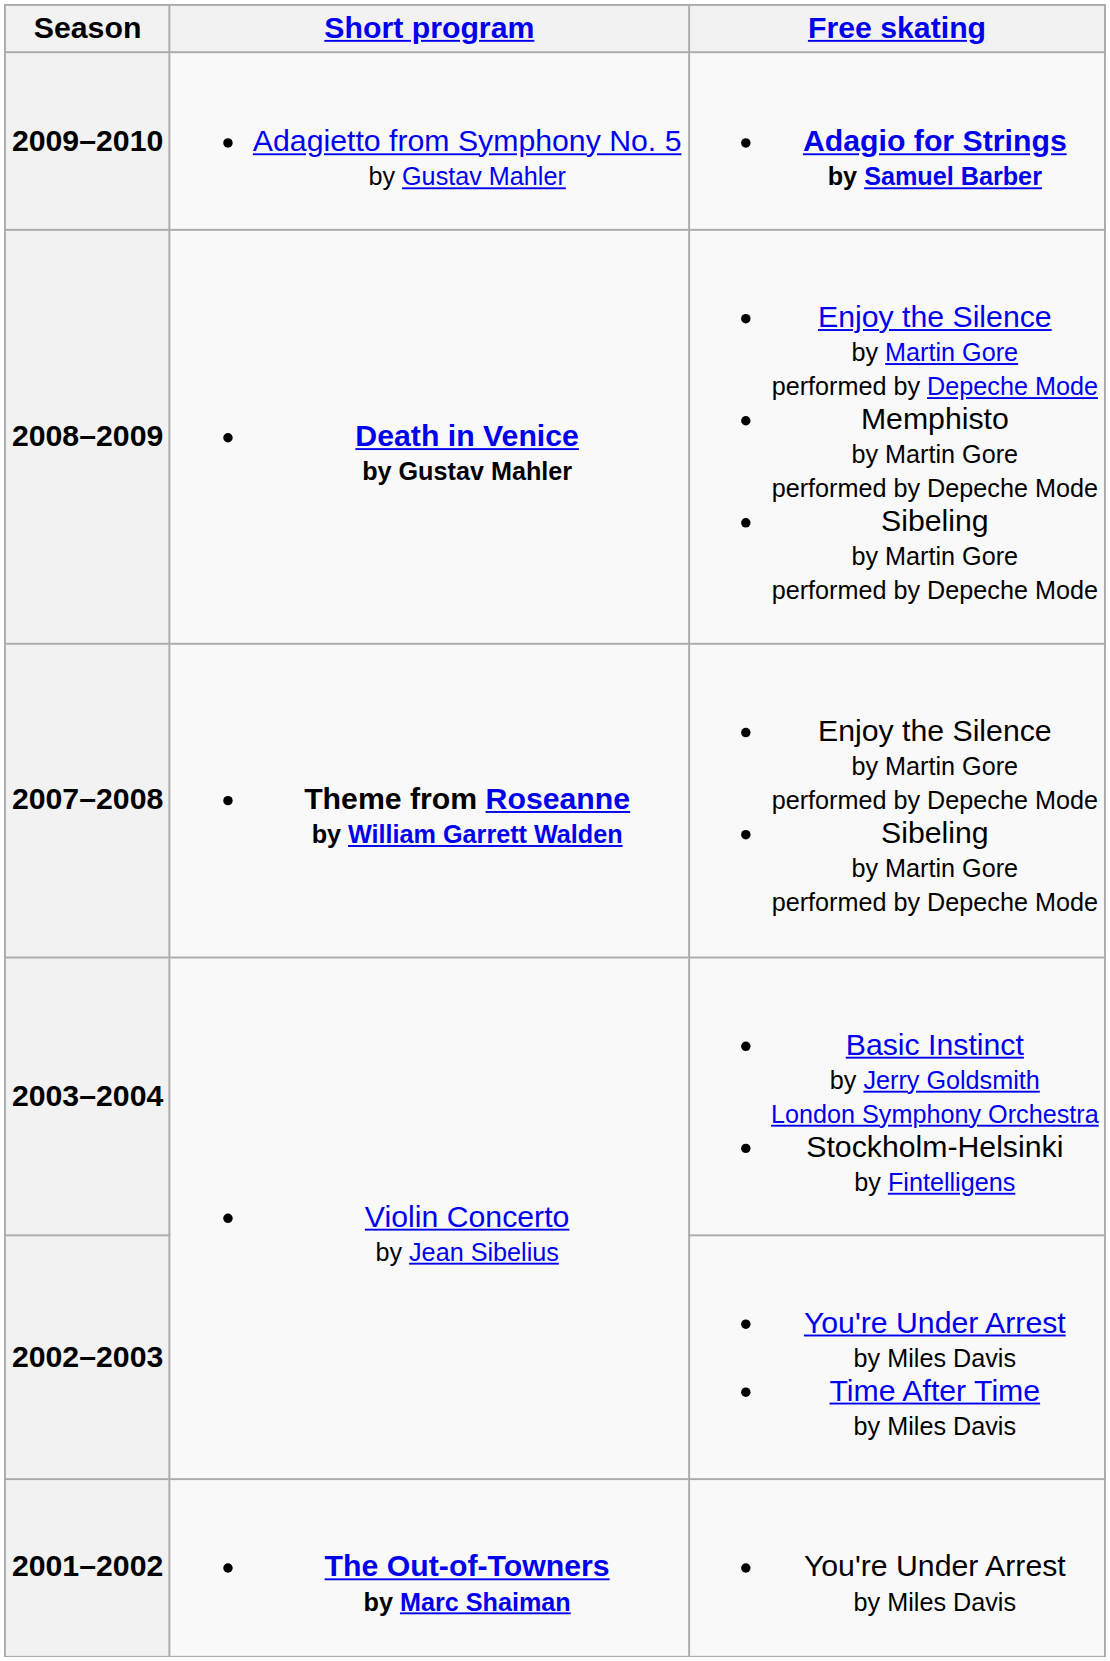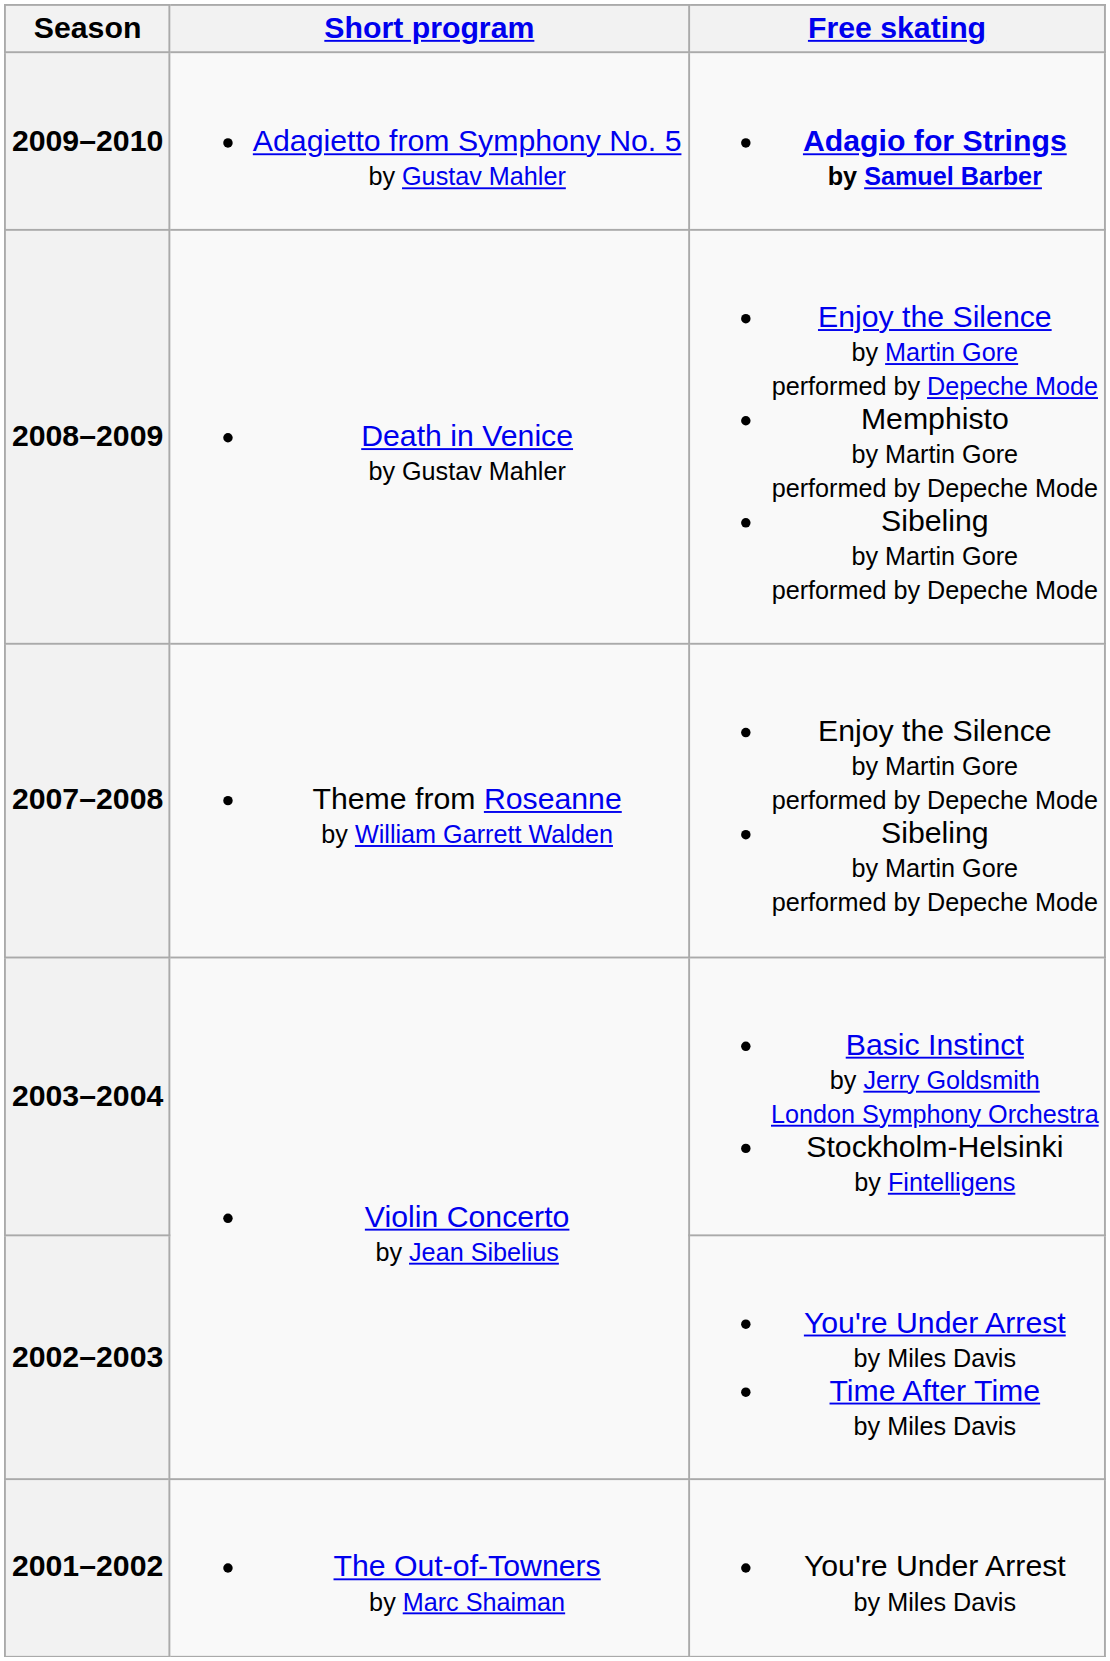 <table class=wikitable style=text-align:center>
 <tr>
 <th>Season</th>
 <th><a href='#'>Short program</a></th>
 <th><a href='#'>Free skating</a></th>
 </tr>
 <tr>
 <th>2009–2010 <br> </th>
 <td><br><ul><li><a href='#'>Adagietto from Symphony No. 5</a> <br><small> by <a href='#'>Gustav Mahler</a> </small></li></ul></td>
 <td><strong><br><ul><li><a href='#'>Adagio for Strings</a> <br><small> by <a href='#'>Samuel Barber</a> </small></li></ul></strong></td>
 </tr>
 <tr>
 <th>2008–2009 <br> </th>
-<td><strong><br><ul><li><a href='#'>Death in Venice</a> <br><small> by Gustav Mahler </small></li></ul></strong></td>
+<td><br><ul><li><a href='#'>Death in Venice</a> <br><small> by Gustav Mahler </small></li></ul></td>
 <td><br><ul><li><a href='#'>Enjoy the Silence</a> <br><small> by <a href='#'>Martin Gore</a> <br> performed by <a href='#'>Depeche Mode</a> </small></li><li>Memphisto <br><small> by Martin Gore <br> performed by Depeche Mode </small></li><li>Sibeling <br><small> by Martin Gore <br> performed by Depeche Mode </small></li></ul></td>
 </tr>
 <tr>
 <th>2007–2008 <br> </th>
-<td><strong><br><ul><li>Theme from <a href='#'>Roseanne</a> <br><small> by <a href='#'>William Garrett Walden</a> </small></li></ul></strong></td>
+<td><br><ul><li>Theme from <a href='#'>Roseanne</a> <br><small> by <a href='#'>William Garrett Walden</a> </small></li></ul></td>
 <td><br><ul><li>Enjoy the Silence <br><small> by Martin Gore <br> performed by Depeche Mode </small></li><li>Sibeling <br><small> by Martin Gore <br> performed by Depeche Mode </small></li></ul></td>
 </tr>
 <tr>
 <th>2003–2004 <br> </th>
 <td rowspan=2><br><ul><li><a href='#'>Violin Concerto</a> <br><small> by <a href='#'>Jean Sibelius</a> </small></li></ul></td>
 <td><br><ul><li><a href='#'>Basic Instinct</a> <br><small> by <a href='#'>Jerry Goldsmith</a> <br> <a href='#'>London Symphony Orchestra</a> </small></li><li>Stockholm-Helsinki <br><small> by <a href='#'>Fintelligens</a> </small></li></ul></td>
 </tr>
 <tr>
 <th>2002–2003 <br> </th>
 <td><br><ul><li><a href='#'>You're Under Arrest</a> <br><small> by Miles Davis </small></li><li><a href='#'>Time After Time</a> <br><small> by Miles Davis </small></li></ul></td>
 </tr>
 <tr>
 <th>2001–2002 <br> </th>
-<td><strong><br><ul><li><a href='#'>The Out-of-Towners</a> <br><small> by <a href='#'>Marc Shaiman</a> </small></li></ul></strong></td>
+<td><br><ul><li><a href='#'>The Out-of-Towners</a> <br><small> by <a href='#'>Marc Shaiman</a> </small></li></ul></td>
 <td><br><ul><li>You're Under Arrest <br><small> by Miles Davis </small></li></ul></td>
 </tr>
 </table>
